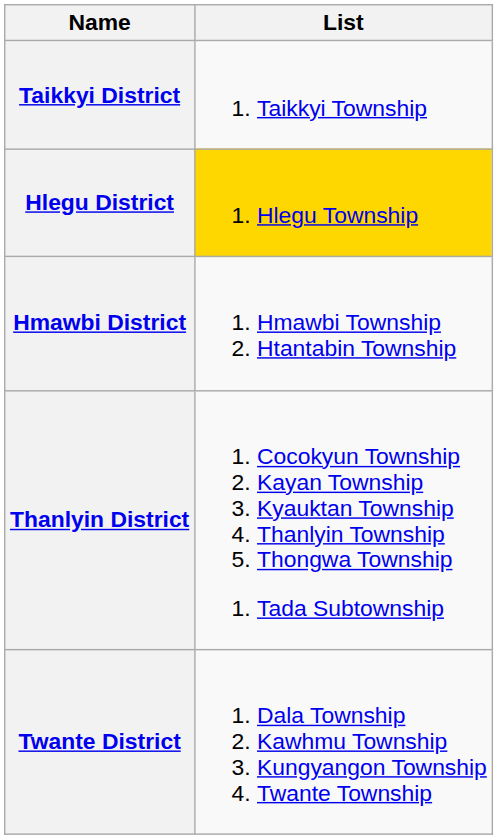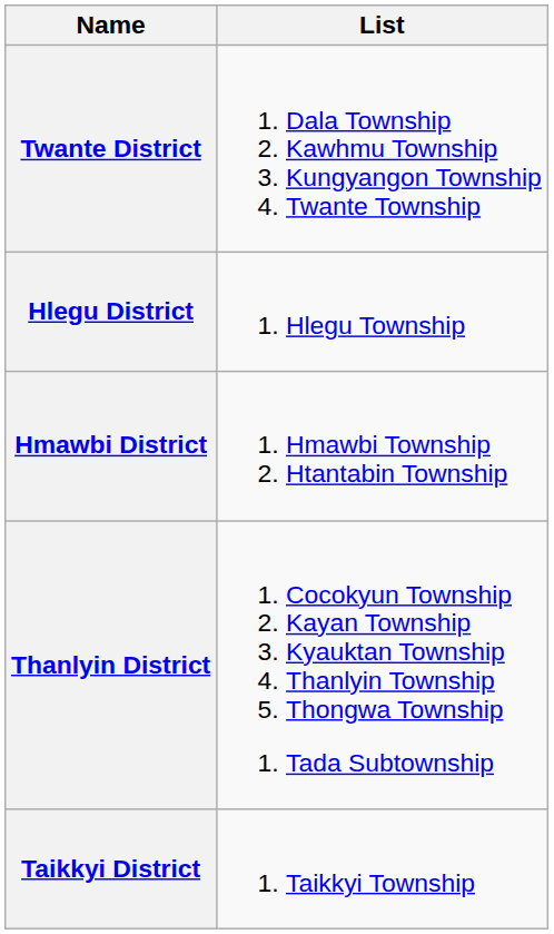 <table class=wikitable>
 <tr>
 <th>Name</th>
 <th>List</th>
 </tr>
 <tr>
-<th><a href='#'>Taikkyi District</a></th>
-<td><br><ol><li><a href='#'>Taikkyi Township</a></li></ol></td>
+<th><a href='#'>Twante District</a></th>
+<td><br><ol><li><a href='#'>Dala Township</a></li><li><a href='#'>Kawhmu Township</a></li><li><a href='#'>Kungyangon Township</a></li><li><a href='#'>Twante Township</a></li></ol></td>
 </tr>
 <tr>
 <th><a href='#'>Hlegu District</a></th>
-<td style="background: gold;"><br><ol><li><a href='#'>Hlegu Township</a></li></ol></td>
+<td><br><ol><li><a href='#'>Hlegu Township</a></li></ol></td>
 </tr>
 <tr>
 <th><a href='#'>Hmawbi District</a></th>
 <td><br><ol><li><a href='#'>Hmawbi Township</a></li><li><a href='#'>Htantabin Township</a></li></ol></td>
 </tr>
 <tr>
 <th><a href='#'>Thanlyin District</a></th>
 <td><br> <ol><li><a href='#'>Cocokyun Township</a></li><li><a href='#'>Kayan Township</a></li><li><a href='#'>Kyauktan Township</a></li><li><a href='#'>Thanlyin Township</a></li><li><a href='#'>Thongwa Township</a></li></ol><ol><li><a href='#'>Tada Subtownship</a></li></ol></td>
 </tr>
 <tr>
-<th><a href='#'>Twante District</a></th>
-<td><br><ol><li><a href='#'>Dala Township</a></li><li><a href='#'>Kawhmu Township</a></li><li><a href='#'>Kungyangon Township</a></li><li><a href='#'>Twante Township</a></li></ol></td>
+<th><a href='#'>Taikkyi District</a></th>
+<td><br><ol><li><a href='#'>Taikkyi Township</a></li></ol></td>
 </tr>
 </table>
